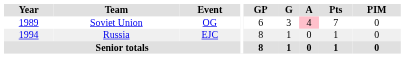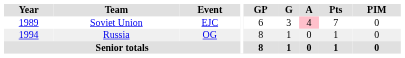 <table border="0" cellpadding="1" cellspacing="0" ID="Table3" style="text-align:center; width:40em">
 <tr ALIGN="center" bgcolor="#e0e0e0">
 <th>Year</th>
 <th>Team</th>
 <th>Event</th>
 <th rowspan="99" bgcolor="#ffffff"></th>
 <th>GP</th>
 <th>G</th>
 <th>A</th>
 <th>Pts</th>
 <th>PIM</th>
 </tr>
 <tr>
 <td><a href='#'>1989</a></td>
 <td><a href='#'>Soviet Union</a></td>
-<td><a href='#'>OG</a></td>
+<td><a href='#'>EJC</a></td>
 <td>6</td>
 <td>3</td>
 <td style="background: pink;">4</td>
 <td>7</td>
 <td>0</td>
 </tr>
 <tr bgcolor="#f0f0f0">
 <td><a href='#'>1994</a></td>
 <td><a href='#'>Russia</a></td>
-<td><a href='#'>EJC</a></td>
+<td><a href='#'>OG</a></td>
 <td>8</td>
 <td>1</td>
 <td>0</td>
 <td>1</td>
 <td>0</td>
 </tr>
 <tr bgcolor="#e0e0e0">
 <th colspan="3">Senior totals</th>
 <th>8</th>
 <th>1</th>
 <th>0</th>
 <th>1</th>
 <th>0</th>
 </tr>
 </table>
